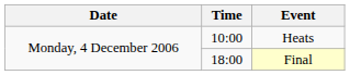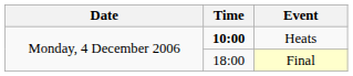 <table class = "wikitable" style="text-align:center;">
 <tr>
 <th width=220>Date</th>
 <th width=50>Time</th>
 <th width=100>Event</th>
 </tr>
 <tr>
 <td rowspan=2>Monday, 4 December 2006</td>
-<td>10:00</td>
+<td><strong>10:00</strong></td>
 <td>Heats</td>
 </tr>
 <tr>
 <td>18:00</td>
 <td bgcolor=ffffcc>Final</td>
 </tr>
 </table>
